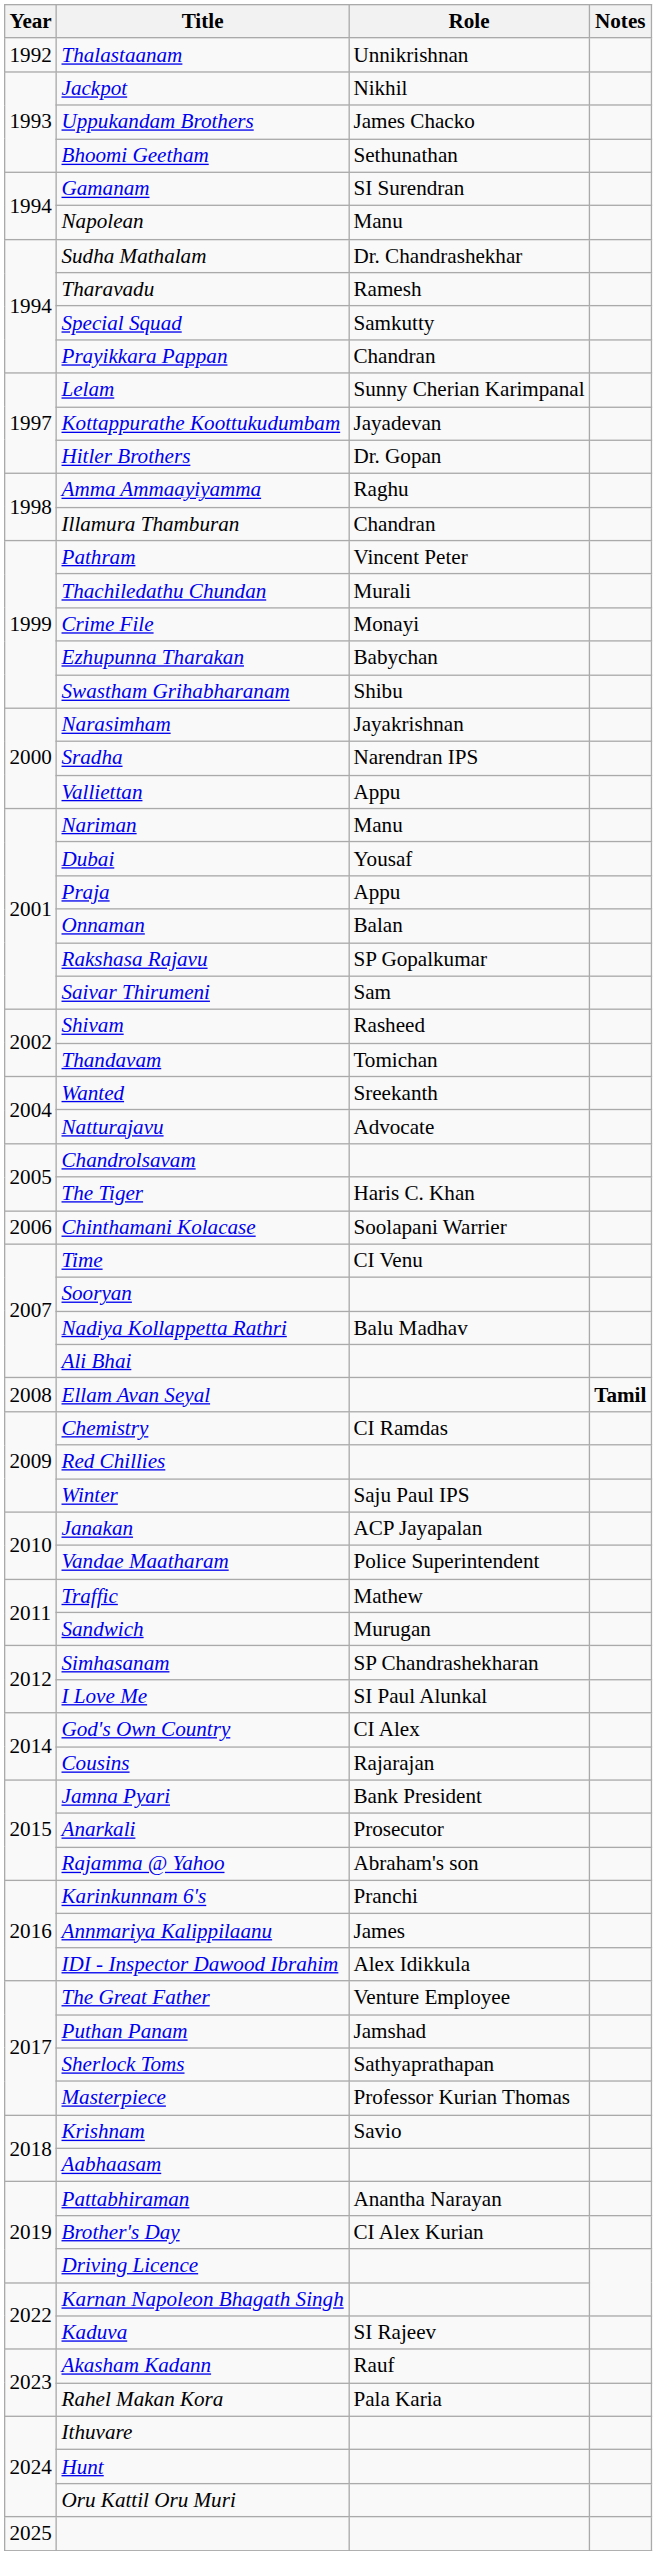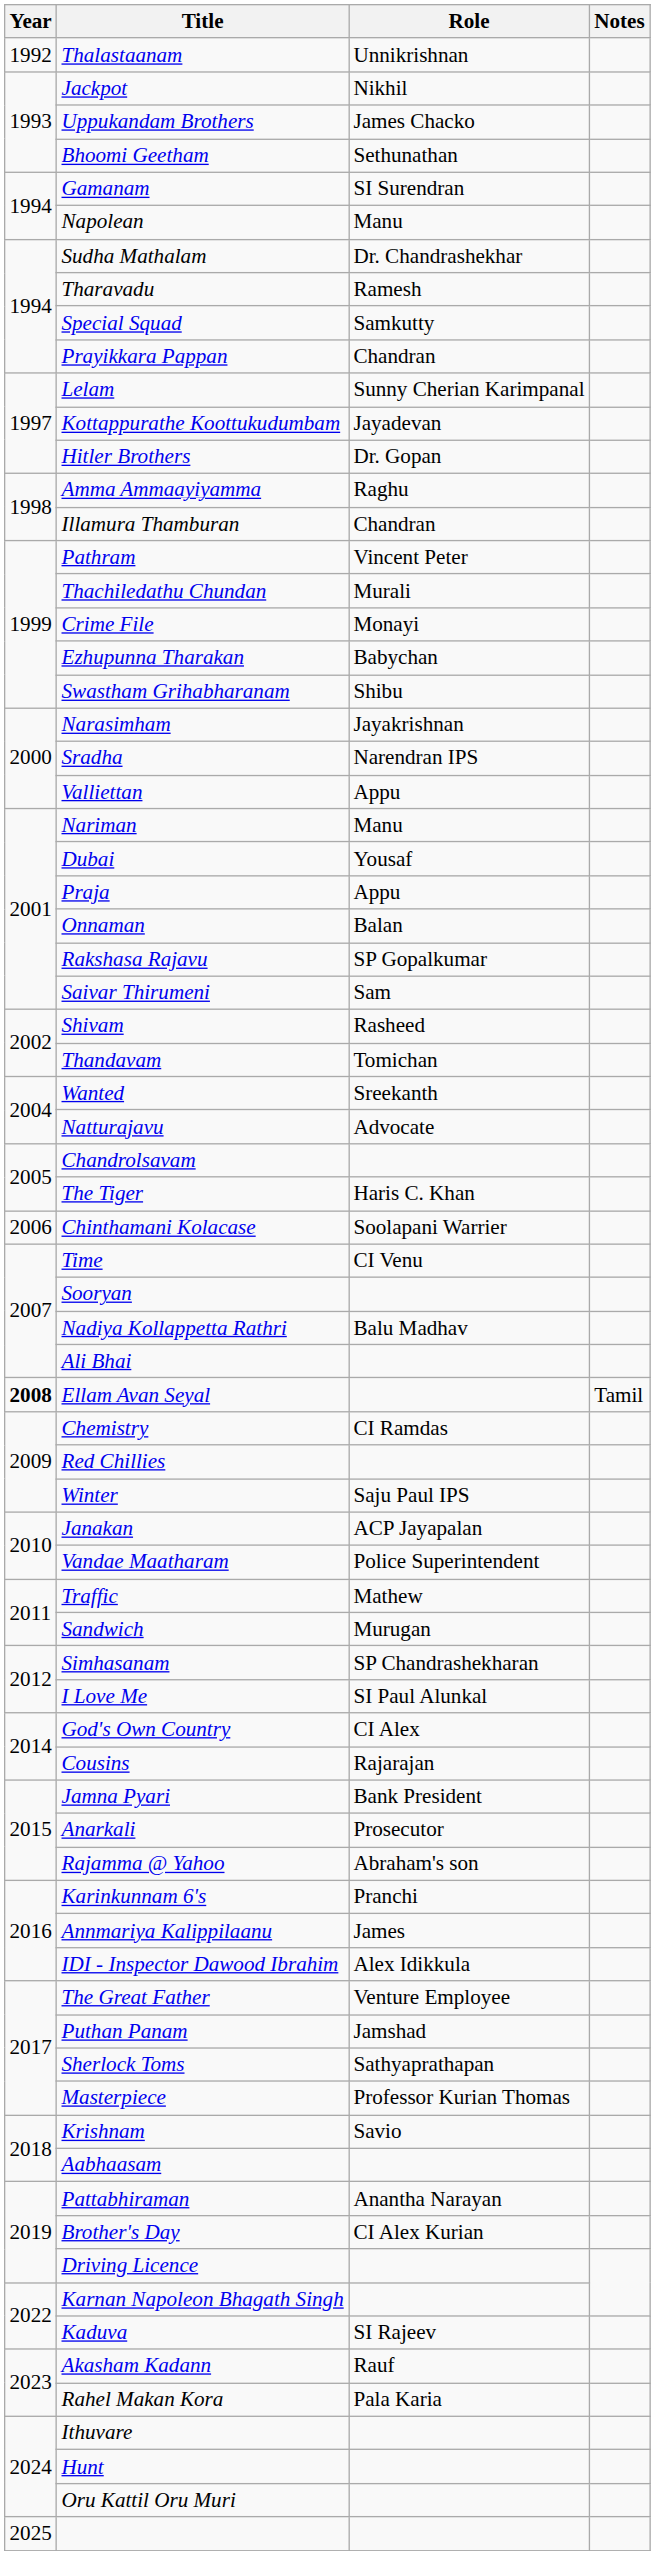 <table class="wikitable sortable">
 <tr>
 <th>Year</th>
 <th>Title</th>
 <th>Role</th>
 <th class="unsortable">Notes</th>
 </tr>
 <tr>
 <td>1992</td>
 <td><em><a href='#'>Thalastaanam</a></em></td>
 <td>Unnikrishnan</td>
 <td></td>
 </tr>
 <tr>
 <td rowspan=3>1993</td>
 <td><em><a href='#'>Jackpot</a></em></td>
 <td>Nikhil</td>
 <td></td>
 </tr>
 <tr>
 <td><em><a href='#'>Uppukandam Brothers</a></em></td>
 <td>James Chacko</td>
 <td></td>
 </tr>
 <tr>
 <td><em><a href='#'>Bhoomi Geetham</a></em></td>
 <td>Sethunathan</td>
 <td></td>
 </tr>
 <tr>
 <td rowspan=2>1994</td>
 <td><em><a href='#'>Gamanam</a></em></td>
 <td>SI Surendran</td>
 <td></td>
 </tr>
 <tr>
 <td><em>Napolean</em></td>
 <td>Manu</td>
 <td></td>
 </tr>
 <tr>
 <td rowspan=4>1994</td>
 <td><em>Sudha Mathalam</em></td>
 <td>Dr. Chandrashekhar</td>
 <td></td>
 </tr>
 <tr>
 <td><em>Tharavadu</em></td>
 <td>Ramesh</td>
 <td></td>
 </tr>
 <tr>
 <td><em><a href='#'>Special Squad</a></em></td>
 <td>Samkutty</td>
 <td></td>
 </tr>
 <tr>
 <td><em><a href='#'>Prayikkara Pappan</a></em></td>
 <td>Chandran</td>
 <td></td>
 </tr>
 <tr>
 <td rowspan=3>1997</td>
 <td><em><a href='#'>Lelam</a></em></td>
 <td>Sunny Cherian Karimpanal</td>
 <td></td>
 </tr>
 <tr>
 <td><em><a href='#'>Kottappurathe Koottukudumbam</a></em></td>
 <td>Jayadevan</td>
 <td></td>
 </tr>
 <tr>
 <td><em><a href='#'>Hitler Brothers</a></em></td>
 <td>Dr. Gopan</td>
 <td></td>
 </tr>
 <tr>
 <td rowspan=2>1998</td>
 <td><em><a href='#'>Amma Ammaayiyamma</a></em></td>
 <td>Raghu</td>
 <td></td>
 </tr>
 <tr>
 <td><em>Illamura Thamburan</em></td>
 <td>Chandran</td>
 <td></td>
 </tr>
 <tr>
 <td rowspan=5>1999</td>
 <td><em><a href='#'>Pathram</a></em></td>
 <td>Vincent Peter</td>
 <td></td>
 </tr>
 <tr>
 <td><em><a href='#'>Thachiledathu Chundan</a></em></td>
 <td>Murali</td>
 <td></td>
 </tr>
 <tr>
 <td><em><a href='#'>Crime File</a></em></td>
 <td>Monayi</td>
 <td></td>
 </tr>
 <tr>
 <td><em><a href='#'>Ezhupunna Tharakan</a></em></td>
 <td>Babychan</td>
 <td></td>
 </tr>
 <tr>
 <td><em><a href='#'>Swastham Grihabharanam</a></em></td>
 <td>Shibu</td>
 <td></td>
 </tr>
 <tr>
 <td rowspan=3>2000</td>
 <td><em><a href='#'>Narasimham</a></em></td>
 <td>Jayakrishnan</td>
 <td></td>
 </tr>
 <tr>
 <td><em><a href='#'>Sradha</a></em></td>
 <td>Narendran IPS</td>
 <td></td>
 </tr>
 <tr>
 <td><em><a href='#'>Valliettan</a></em></td>
 <td>Appu</td>
 <td></td>
 </tr>
 <tr>
 <td rowspan=6>2001</td>
 <td><em><a href='#'>Nariman</a></em></td>
 <td>Manu</td>
 <td></td>
 </tr>
 <tr>
 <td><em><a href='#'>Dubai</a></em></td>
 <td>Yousaf</td>
 <td></td>
 </tr>
 <tr>
 <td><em><a href='#'>Praja</a></em></td>
 <td>Appu</td>
 <td></td>
 </tr>
 <tr>
 <td><em><a href='#'>Onnaman</a></em></td>
 <td>Balan</td>
 <td></td>
 </tr>
 <tr>
 <td><em><a href='#'>Rakshasa Rajavu</a></em></td>
 <td>SP Gopalkumar</td>
 <td></td>
 </tr>
 <tr>
 <td><em><a href='#'>Saivar Thirumeni</a></em></td>
 <td>Sam</td>
 <td></td>
 </tr>
 <tr>
 <td rowspan=2>2002</td>
 <td><em><a href='#'>Shivam</a></em></td>
 <td>Rasheed</td>
 <td></td>
 </tr>
 <tr>
 <td><em><a href='#'>Thandavam</a></em></td>
 <td>Tomichan</td>
 <td></td>
 </tr>
 <tr>
 <td rowspan=2>2004</td>
 <td><em><a href='#'>Wanted</a></em></td>
 <td>Sreekanth</td>
 <td></td>
 </tr>
 <tr>
 <td><em><a href='#'>Natturajavu</a></em></td>
 <td>Advocate</td>
 <td></td>
 </tr>
 <tr>
 <td rowspan=2>2005</td>
 <td><em><a href='#'>Chandrolsavam</a></em></td>
 <td></td>
 <td></td>
 </tr>
 <tr>
 <td><em><a href='#'>The Tiger</a></em></td>
 <td>Haris C. Khan</td>
 <td></td>
 </tr>
 <tr>
 <td>2006</td>
 <td><em><a href='#'>Chinthamani Kolacase</a></em></td>
 <td>Soolapani Warrier</td>
 <td></td>
 </tr>
 <tr>
 <td rowspan=4>2007</td>
 <td><em><a href='#'>Time</a></em></td>
 <td>CI Venu</td>
 <td></td>
 </tr>
 <tr>
 <td><em><a href='#'>Sooryan</a></em></td>
 <td></td>
 <td></td>
 </tr>
 <tr>
 <td><em><a href='#'>Nadiya Kollappetta Rathri</a></em></td>
 <td>Balu Madhav</td>
 <td></td>
 </tr>
 <tr>
 <td><em><a href='#'>Ali Bhai</a></em></td>
 <td></td>
 <td></td>
 </tr>
 <tr>
-<td>2008</td>
+<td><strong>2008</strong></td>
 <td><em><a href='#'>Ellam Avan Seyal</a></em></td>
 <td></td>
-<td><strong>Tamil</strong></td>
+<td>Tamil</td>
 </tr>
 <tr>
 <td rowspan=3>2009</td>
 <td><em><a href='#'>Chemistry</a></em></td>
 <td>CI Ramdas</td>
 <td></td>
 </tr>
 <tr>
 <td><em><a href='#'>Red Chillies</a></em></td>
 <td></td>
 <td></td>
 </tr>
 <tr>
 <td><em><a href='#'>Winter</a></em></td>
 <td>Saju Paul IPS</td>
 <td></td>
 </tr>
 <tr>
 <td rowspan=2>2010</td>
 <td><em><a href='#'>Janakan</a></em></td>
 <td>ACP Jayapalan</td>
 <td></td>
 </tr>
 <tr>
 <td><em><a href='#'>Vandae Maatharam</a></em></td>
 <td>Police Superintendent</td>
 <td></td>
 </tr>
 <tr>
 <td rowspan=2>2011</td>
 <td><em><a href='#'>Traffic</a></em></td>
 <td>Mathew</td>
 <td></td>
 </tr>
 <tr>
 <td><em><a href='#'>Sandwich</a></em></td>
 <td>Murugan</td>
 <td></td>
 </tr>
 <tr>
 <td rowspan=2>2012</td>
 <td><em><a href='#'>Simhasanam</a></em></td>
 <td>SP Chandrashekharan</td>
 <td></td>
 </tr>
 <tr>
 <td><em><a href='#'>I Love Me</a></em></td>
 <td>SI Paul Alunkal</td>
 <td></td>
 </tr>
 <tr>
 <td rowspan=2>2014</td>
 <td><em><a href='#'>God's Own Country</a></em></td>
 <td>CI Alex</td>
 <td></td>
 </tr>
 <tr>
 <td><em><a href='#'>Cousins</a></em></td>
 <td>Rajarajan</td>
 <td></td>
 </tr>
 <tr>
 <td rowspan=3>2015</td>
 <td><em><a href='#'>Jamna Pyari</a></em></td>
 <td>Bank President</td>
 <td></td>
 </tr>
 <tr>
 <td><em><a href='#'>Anarkali</a></em></td>
 <td>Prosecutor</td>
 <td></td>
 </tr>
 <tr>
 <td><em><a href='#'>Rajamma @ Yahoo</a></em></td>
 <td>Abraham's son</td>
 <td></td>
 </tr>
 <tr>
 <td rowspan=3>2016</td>
 <td><em><a href='#'>Karinkunnam 6's</a></em></td>
 <td>Pranchi</td>
 <td></td>
 </tr>
 <tr>
 <td><em><a href='#'>Annmariya Kalippilaanu</a></em></td>
 <td>James</td>
 <td></td>
 </tr>
 <tr>
 <td><em><a href='#'>IDI - Inspector Dawood Ibrahim</a></em></td>
 <td>Alex Idikkula</td>
 <td></td>
 </tr>
 <tr>
 <td rowspan=4>2017</td>
 <td><em><a href='#'>The Great Father</a></em></td>
 <td>Venture Employee</td>
 <td></td>
 </tr>
 <tr>
 <td><em><a href='#'>Puthan Panam</a></em></td>
 <td>Jamshad</td>
 <td></td>
 </tr>
 <tr>
 <td><em><a href='#'>Sherlock Toms</a></em></td>
 <td>Sathyaprathapan</td>
 <td></td>
 </tr>
 <tr>
 <td><em><a href='#'>Masterpiece</a></em></td>
 <td>Professor Kurian Thomas</td>
 <td></td>
 </tr>
 <tr>
 <td rowspan=2>2018</td>
 <td><em><a href='#'>Krishnam</a></em></td>
 <td>Savio</td>
 <td></td>
 </tr>
 <tr>
 <td><em><a href='#'>Aabhaasam</a></em></td>
 <td></td>
 <td></td>
 </tr>
 <tr>
 <td rowspan=3>2019</td>
 <td><em><a href='#'>Pattabhiraman</a></em></td>
 <td>Anantha Narayan</td>
 <td></td>
 </tr>
 <tr>
 <td><em><a href='#'>Brother's Day</a></em></td>
 <td>CI Alex Kurian</td>
 <td></td>
 </tr>
 <tr>
 <td><em><a href='#'>Driving Licence</a></em></td>
 <td DySP Joseph Unniyadan></td>
 </tr>
 <tr>
 <td rowspan=2>2022</td>
 <td><em><a href='#'>Karnan Napoleon Bhagath Singh</a></em></td>
 <td Shasheendran></td>
 </tr>
 <tr>
 <td><em><a href='#'>Kaduva</a></em></td>
 <td>SI Rajeev</td>
 <td></td>
 </tr>
 <tr>
 <td rowspan=2>2023</td>
 <td><em><a href='#'>Akasham Kadann</a></em></td>
 <td>Rauf</td>
 <td></td>
 </tr>
 <tr>
 <td><em>Rahel Makan Kora</em></td>
 <td>Pala Karia</td>
 <td></td>
 </tr>
 <tr>
 <td rowspan=3>2024</td>
 <td><em>Ithuvare</em></td>
 <td></td>
 <td></td>
 </tr>
 <tr>
 <td><em><a href='#'>Hunt</a></em></td>
 <td></td>
 <td></td>
 </tr>
 <tr>
 <td><em>Oru Kattil Oru Muri</em></td>
 <td></td>
 <td></td>
 </tr>
 <tr>
 <td>2025</td>
 <td></td>
 <td></td>
 <td></td>
 </tr>
 <tr>
 </tr>
 </table>
